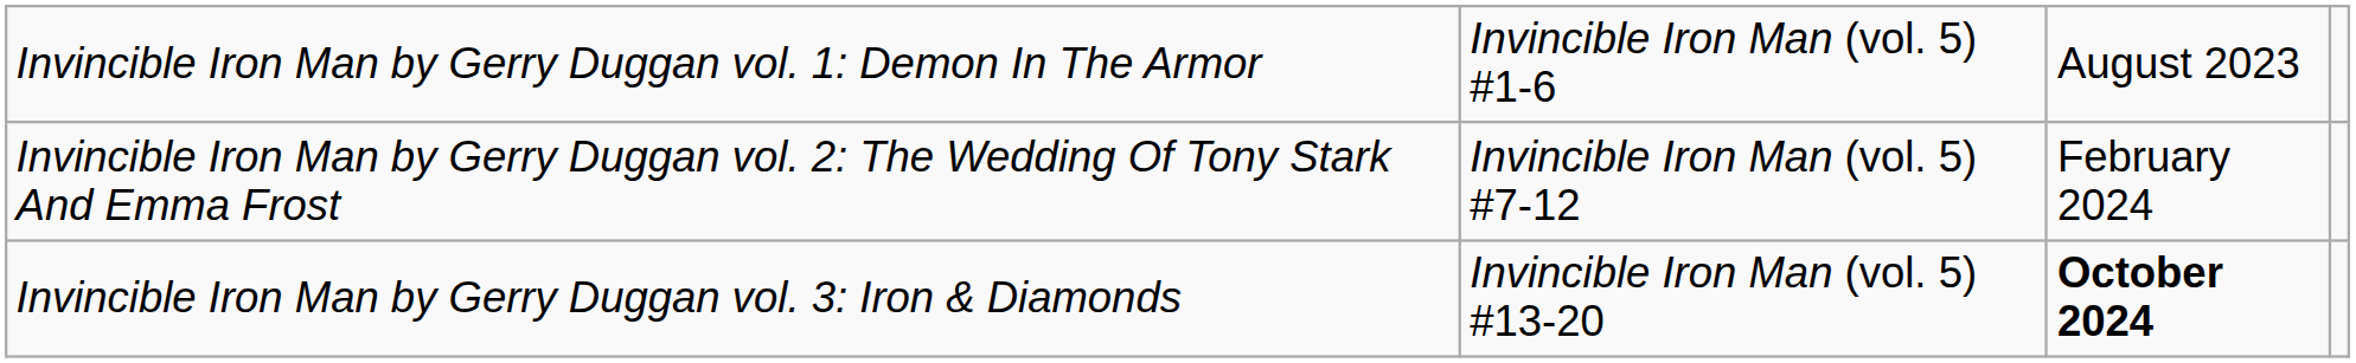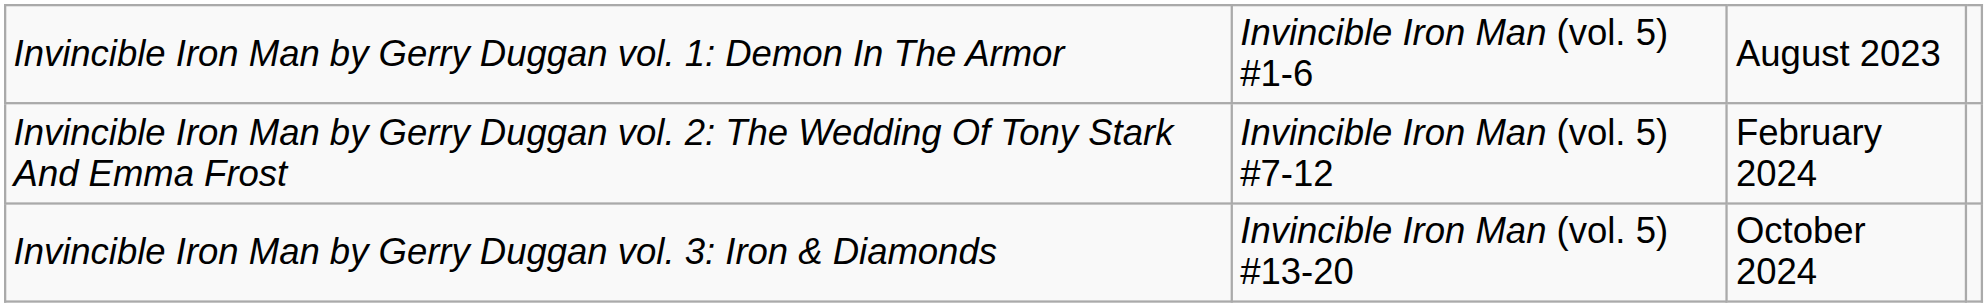 <table class="wikitable sortable">
 <tr>
 <td><em>Invincible Iron Man by Gerry Duggan vol. 1: Demon In The Armor</em></td>
 <td><em>Invincible Iron Man</em> (vol. 5) #1-6</td>
 <td>August 2023</td>
 <td></td>
 </tr>
 <tr>
 <td><em>Invincible Iron Man by Gerry Duggan vol. 2: The Wedding Of Tony Stark And Emma Frost</em></td>
 <td><em>Invincible Iron Man</em> (vol. 5) #7-12</td>
 <td>February 2024</td>
 <td></td>
 </tr>
 <tr>
 <td><em>Invincible Iron Man by Gerry Duggan vol. 3: Iron & Diamonds</em></td>
 <td><em>Invincible Iron Man</em> (vol. 5) #13-20</td>
-<td><strong>October 2024</strong></td>
+<td>October 2024</td>
 <td></td>
 </tr>
 </table>
